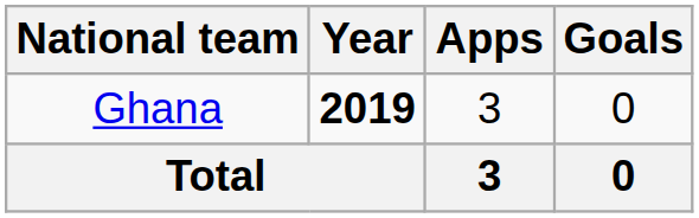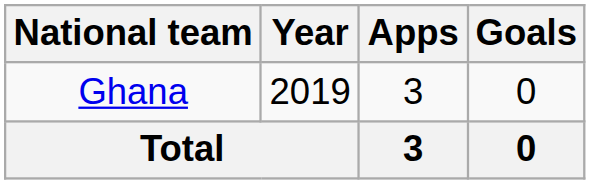 <table class="wikitable" style="text-align:center">
 <tr>
 <th>National team</th>
 <th>Year</th>
 <th>Apps</th>
 <th>Goals</th>
 </tr>
 <tr>
 <td><a href='#'>Ghana</a></td>
-<td><strong>2019</strong></td>
+<td>2019</td>
 <td>3</td>
 <td>0</td>
 </tr>
 <tr>
 <th colspan="2">Total</th>
 <th>3</th>
 <th>0</th>
 </tr>
 </table>
